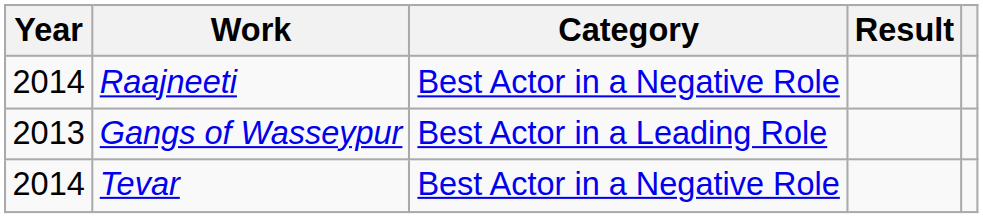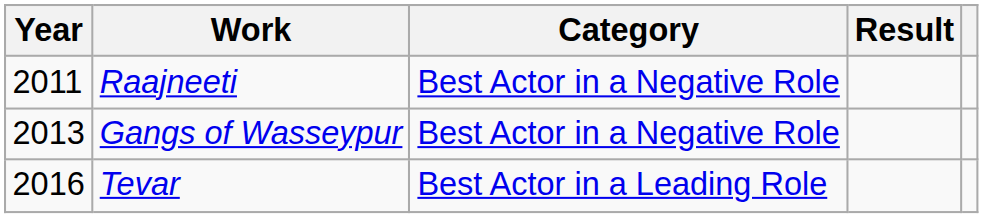 <table class="wikitable sortable"⁣>
 <tr ⁣>
 <th>Year⁣</th>
 <th>Work⁣</th>
 <th>Category⁣</th>
 <th>Result⁣</th>
 <th class="unsortable">⁣</th>
 </tr>
 <tr>
-<td>2014</td>
+<td>2011</td>
 <td><em><a href='#'>Raajneeti</a></em>⁣</td>
 <td><a href='#'>Best Actor in a Negative Role</a>⁣</td>
 <td>⁣</td>
 <td></td>
 </tr>
 <tr ⁣⁣>
 <td>2013</td>
 <td><em><a href='#'>Gangs of Wasseypur</a></em>⁣</td>
+<td><a href='#'>Best Actor in a Negative Role</a>⁣</td>
+<td>⁣</td>
+<td></td>
+</tr>
+<tr>
+<td>2016</td>
+<td><em><a href='#'>Tevar</a></em>⁣</td>
 <td><a href='#'>Best Actor in a Leading Role</a>⁣</td>
 <td>⁣</td>
 <td></td>
 </tr>
-<tr>
-<td>2014</td>
-<td><em><a href='#'>Tevar</a></em>⁣</td>
-<td><a href='#'>Best Actor in a Negative Role</a>⁣</td>
-<td>⁣</td>
-<td></td>
-</tr>
 </table>
